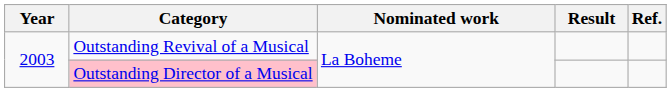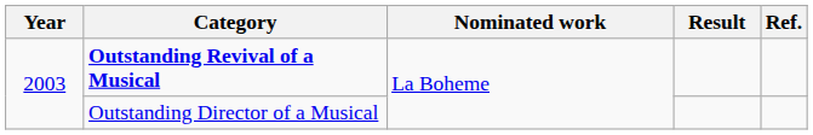 <table class=wikitable>
 <tr>
 <th scope="col" style="width:5em;">Year</th>
 <th scope="col" style="width:26em;">Category</th>
 <th scope="col" style="width:25em;">Nominated work</th>
 <th scope="col" style="width:5em;">Result</th>
 <th>Ref.</th>
 </tr>
 <tr>
 <td rowspan=2, style="text-align:center;"><a href='#'>2003</a></td>
-<td><a href='#'>Outstanding Revival of a Musical</a></td>
+<td><strong><a href='#'>Outstanding Revival of a Musical</a></strong></td>
 <td rowspan=2><em><a href='#'></em>La Boheme<em></a></em></td>
 <td></td>
 <td></td>
 </tr>
 <tr>
-<td style="background: pink;"><a href='#'>Outstanding Director of a Musical</a></td>
+<td><a href='#'>Outstanding Director of a Musical</a></td>
 <td></td>
 <td></td>
 </tr>
 </table>
